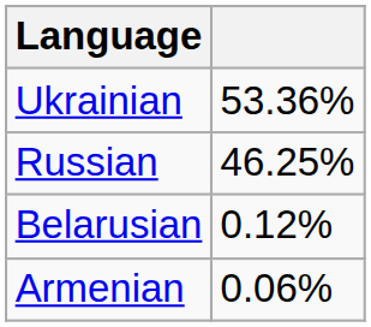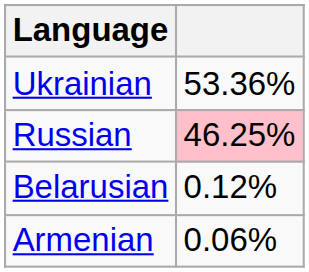 <table class="wikitable">
 <tr>
 <th>Language</th>
 <th></th>
 </tr>
 <tr>
 <td><a href='#'>Ukrainian</a></td>
 <td>53.36%</td>
 </tr>
 <tr>
 <td><a href='#'>Russian</a></td>
-<td>46.25%</td>
+<td style="background: pink;">46.25%</td>
 </tr>
 <tr>
 <td><a href='#'>Belarusian</a></td>
 <td>0.12%</td>
 </tr>
 <tr>
 <td><a href='#'>Armenian</a></td>
 <td>0.06%</td>
 </tr>
 </table>
